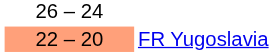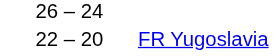 <table style="text-align:center">
 <tr>
 <th width=200></th>
 <th width=100></th>
 <th width=200></th>
 </tr>
 <tr>
 <td align=right><strong></strong></td>
 <td>26 – 24</td>
 <td align=left></td>
 </tr>
 <tr>
 <td align=right><strong></strong></td>
-<td style="background: lightsalmon;">22 – 20</td>
+<td>22 – 20</td>
 <td align=left> <a href='#'>FR Yugoslavia</a></td>
 </tr>
 </table>
